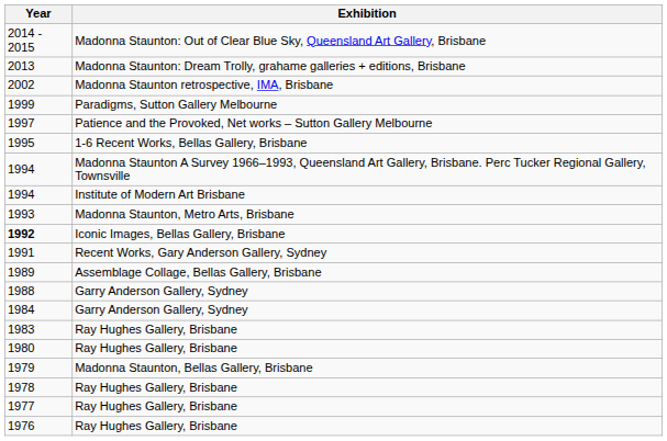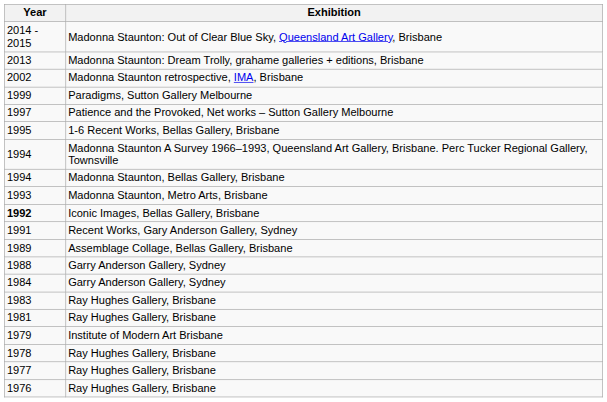 <table class="wikitable">
 <tr>
 <th>Year</th>
 <th>Exhibition</th>
 </tr>
 <tr>
 <td>2014 - 2015</td>
 <td>Madonna Staunton: Out of Clear Blue Sky, <a href='#'>Queensland Art Gallery</a>, Brisbane</td>
 </tr>
 <tr>
 <td>2013</td>
 <td>Madonna Staunton: Dream Trolly, grahame galleries + editions, Brisbane</td>
 </tr>
 <tr>
 <td>2002</td>
 <td>Madonna Staunton retrospective, <a href='#'>IMA</a>, Brisbane</td>
 </tr>
 <tr>
 <td>1999</td>
 <td>Paradigms, Sutton Gallery Melbourne</td>
 </tr>
 <tr>
 <td>1997</td>
 <td>Patience and the Provoked, Net works – Sutton Gallery Melbourne</td>
 </tr>
 <tr>
 <td>1995</td>
 <td>1-6 Recent Works, Bellas Gallery, Brisbane</td>
 </tr>
 <tr>
 <td>1994</td>
 <td>Madonna Staunton A Survey 1966–1993, Queensland Art Gallery, Brisbane. Perc Tucker Regional Gallery, Townsville</td>
 </tr>
 <tr>
 <td>1994</td>
-<td>Institute of Modern Art Brisbane</td>
+<td>Madonna Staunton, Bellas Gallery, Brisbane</td>
 </tr>
 <tr>
 <td>1993</td>
 <td>Madonna Staunton, Metro Arts, Brisbane</td>
 </tr>
 <tr>
 <td><strong>1992</strong></td>
 <td>Iconic Images, Bellas Gallery, Brisbane</td>
 </tr>
 <tr>
 <td>1991</td>
 <td>Recent Works, Gary Anderson Gallery, Sydney</td>
 </tr>
 <tr>
 <td>1989</td>
 <td>Assemblage Collage, Bellas Gallery, Brisbane</td>
 </tr>
 <tr>
 <td>1988</td>
 <td>Garry Anderson Gallery, Sydney</td>
 </tr>
 <tr>
 <td>1984</td>
 <td>Garry Anderson Gallery, Sydney</td>
 </tr>
 <tr>
 <td>1983</td>
 <td>Ray Hughes Gallery, Brisbane</td>
 </tr>
 <tr>
-<td>1980</td>
+<td>1981</td>
 <td>Ray Hughes Gallery, Brisbane</td>
 </tr>
 <tr>
 <td>1979</td>
-<td>Madonna Staunton, Bellas Gallery, Brisbane</td>
+<td>Institute of Modern Art Brisbane</td>
 </tr>
 <tr>
 <td>1978</td>
 <td>Ray Hughes Gallery, Brisbane</td>
 </tr>
 <tr>
 <td>1977</td>
 <td>Ray Hughes Gallery, Brisbane</td>
 </tr>
 <tr>
 <td>1976</td>
 <td>Ray Hughes Gallery, Brisbane</td>
 </tr>
 </table>
